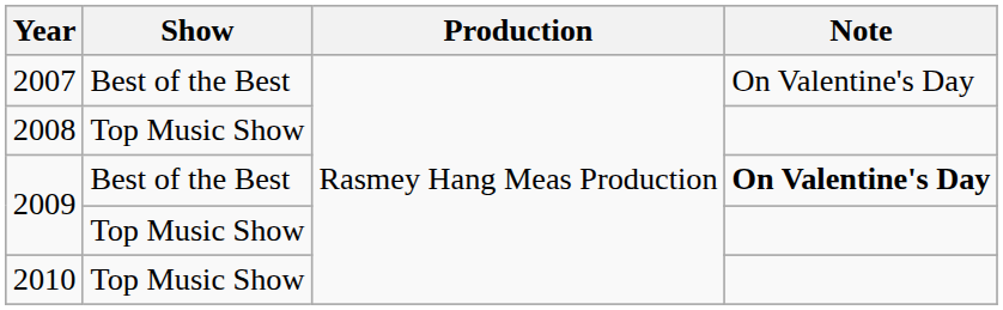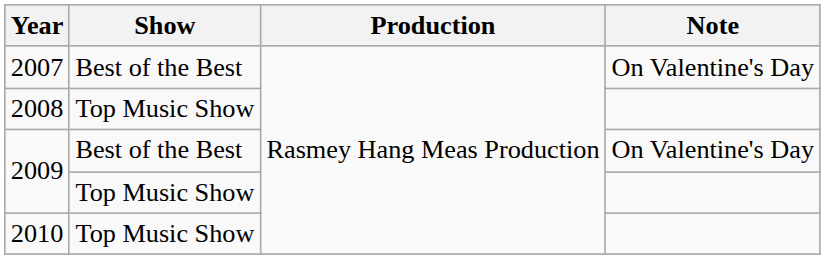 <table class="wikitable">
 <tr>
 <th>Year</th>
 <th>Show</th>
 <th>Production</th>
 <th>Note</th>
 </tr>
 <tr>
 <td>2007</td>
 <td>Best of the Best</td>
 <td rowspan="5">Rasmey Hang Meas Production</td>
 <td>On Valentine's Day</td>
 </tr>
 <tr>
 <td>2008</td>
 <td>Top Music Show</td>
 <td></td>
 </tr>
 <tr>
 <td rowspan="2">2009</td>
 <td>Best of the Best</td>
-<td><strong>On Valentine's Day</strong></td>
+<td>On Valentine's Day</td>
 </tr>
 <tr>
 <td>Top Music Show</td>
 <td></td>
 </tr>
 <tr>
 <td>2010</td>
 <td>Top Music Show</td>
 <td></td>
 </tr>
 </table>
